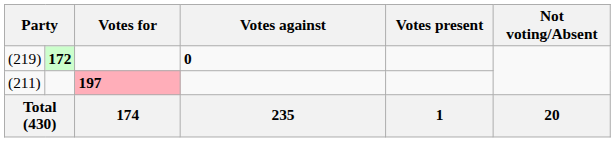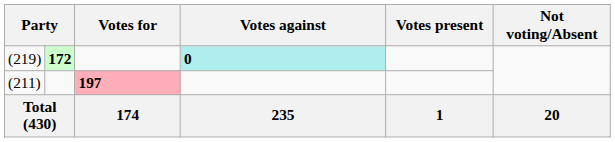 <table class="wikitable mw-collapsible mw-collapsed" style="width:50%;">
 <tr>
 <th colspan="2">Party</th>
 <th style="width:20%;">Votes for</th>
 <th style="width:40%;">Votes against</th>
 <th style="width:20%;">Votes present</th>
 <th style="width:20%;">Not voting/Absent</th>
 </tr>
 <tr>
 <td> (219)</td>
 <td style="background:#cfc;"><strong>172</strong></td>
 <td></td>
-<td><strong>0</strong></td>
+<td style="background: paleturquoise;"><strong>0</strong></td>
 <td></td>
 </tr>
 <tr>
 <td> (211)</td>
 <td></td>
 <td style="background:#ffaeb9;"><strong>197</strong></td>
 <td></td>
 <td></td>
 </tr>
 <tr>
 <th colspan="2">Total (430)</th>
 <th>174</th>
 <th>235</th>
 <th>1</th>
 <th>20</th>
 </tr>
 </table>
